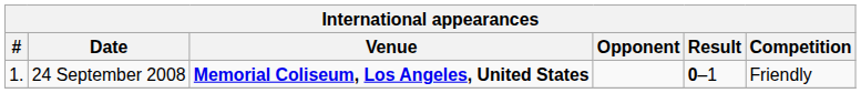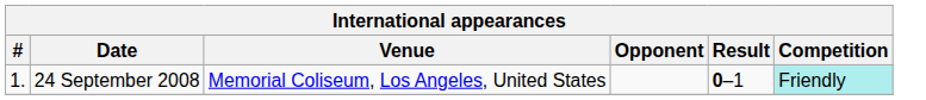 <table class="wikitable collapsible collapsed" style="font-size:95%">
 <tr>
 <th colspan="7"><strong>International appearances</strong></th>
 </tr>
 <tr>
 <th>#</th>
 <th>Date</th>
 <th>Venue</th>
 <th>Opponent</th>
 <th>Result</th>
 <th>Competition</th>
 </tr>
 <tr>
 <td>1.</td>
 <td>24 September 2008</td>
-<td><strong><a href='#'>Memorial Coliseum</a>, <a href='#'>Los Angeles</a>, United States</strong></td>
+<td><a href='#'>Memorial Coliseum</a>, <a href='#'>Los Angeles</a>, United States</td>
 <td></td>
 <td><strong>0</strong>–1</td>
-<td>Friendly</td>
+<td style="background: paleturquoise;">Friendly</td>
 </tr>
 <tr>
 </tr>
 </table>
